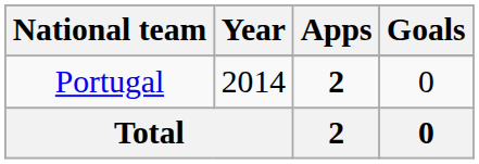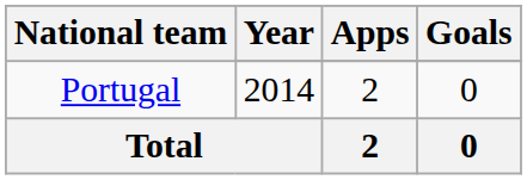 <table class="wikitable" style="text-align:center">
 <tr>
 <th>National team</th>
 <th>Year</th>
 <th>Apps</th>
 <th>Goals</th>
 </tr>
 <tr>
 <td rowspan=2><a href='#'>Portugal</a></td>
 </tr>
 <tr>
 <td>2014</td>
-<td><strong>2</strong></td>
+<td>2</td>
 <td>0</td>
 </tr>
 <tr>
 <th colspan="2">Total</th>
 <th>2</th>
 <th>0</th>
 </tr>
 </table>
